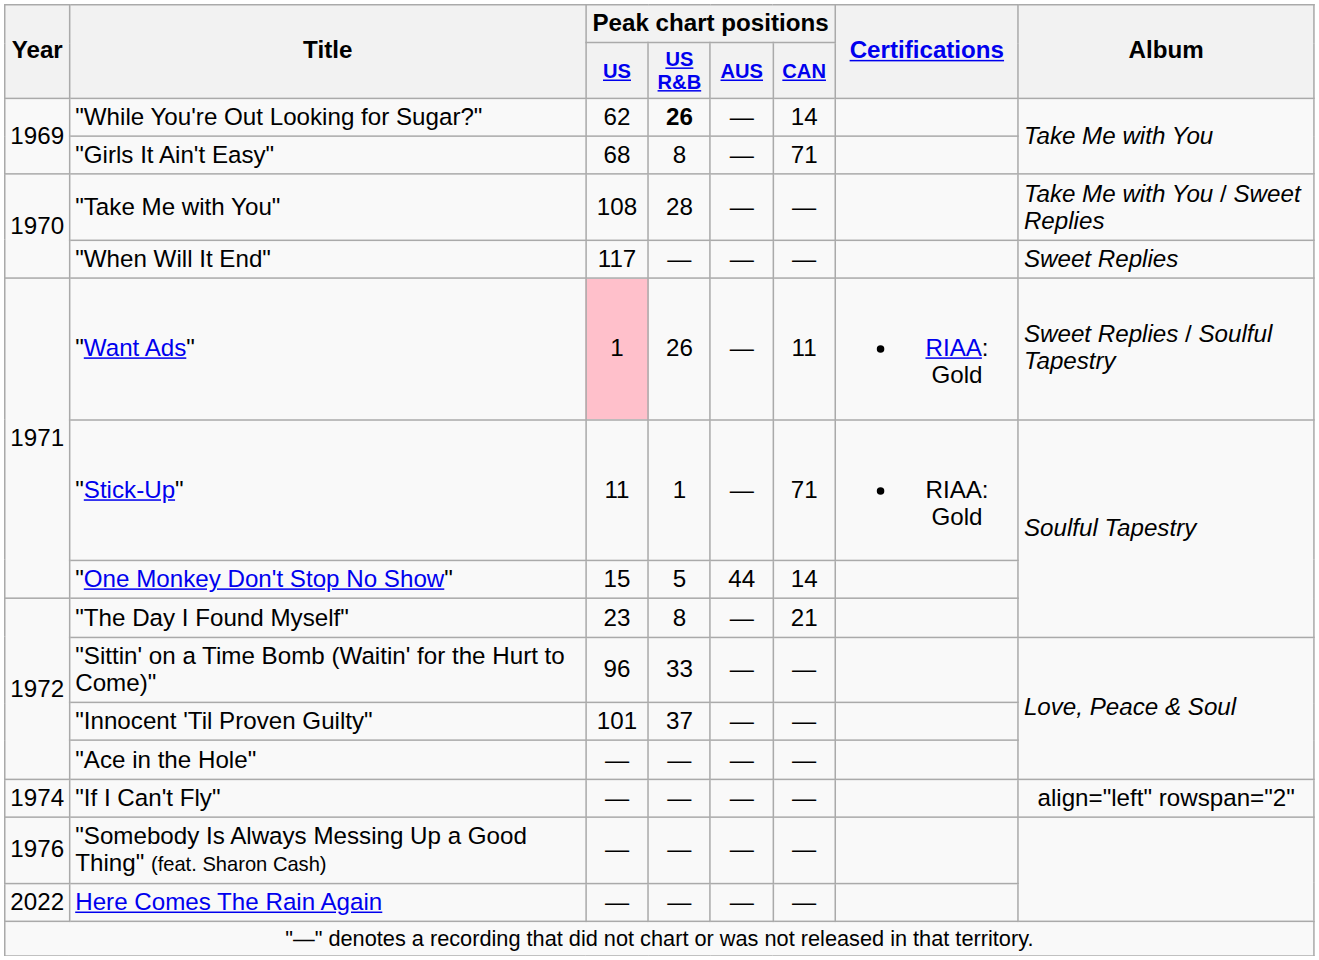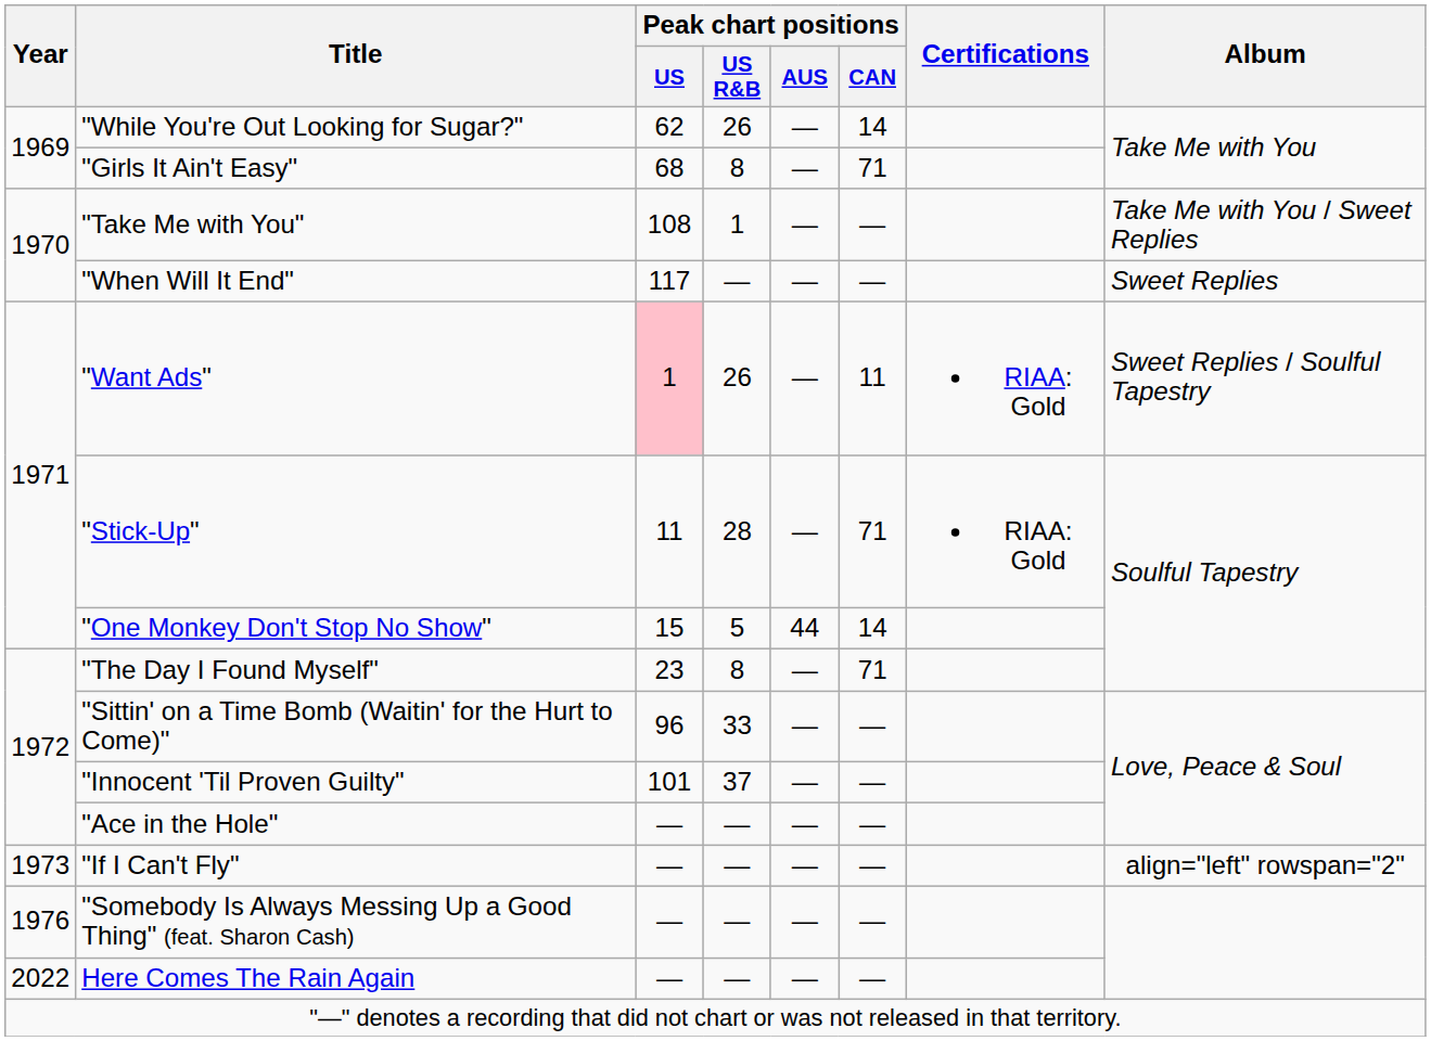 <table class="wikitable" style="text-align:center;">
 <tr>
 <th rowspan="2">Year</th>
 <th rowspan="2">Title</th>
 <th colspan="4">Peak chart positions</th>
 <th rowspan="2"><a href='#'>Certifications</a></th>
 <th rowspan="2">Album</th>
 </tr>
 <tr style="font-size:smaller;">
 <th width="35"><a href='#'>US</a><br></th>
 <th width="35"><a href='#'>US<br>R&B</a><br></th>
 <th width="35"><a href='#'>AUS</a><br></th>
 <th width="35"><a href='#'>CAN</a><br></th>
 </tr>
 <tr>
 <td rowspan="2">1969</td>
 <td align="left">"While You're Out Looking for Sugar?"</td>
 <td>62</td>
-<td><strong>26</strong></td>
+<td>26</td>
 <td>—</td>
 <td>14</td>
 <td></td>
 <td align=left rowspan="2"><em>Take Me with You</em></td>
 </tr>
 <tr>
 <td align="left">"Girls It Ain't Easy"</td>
 <td>68</td>
 <td>8</td>
 <td>—</td>
 <td>71</td>
 <td></td>
 </tr>
 <tr>
 <td rowspan="2">1970</td>
 <td align="left">"Take Me with You"</td>
 <td>108</td>
-<td>28</td>
+<td>1</td>
 <td>—</td>
 <td>—</td>
 <td></td>
 <td align=left rowspan="1"><em>Take Me with You</em> / <em>Sweet Replies</em></td>
 </tr>
 <tr>
 <td align="left">"When Will It End"</td>
 <td>117</td>
 <td>—</td>
 <td>—</td>
 <td>—</td>
 <td></td>
 <td align=left rowspan="1"><em>Sweet Replies</em></td>
 </tr>
 <tr>
 <td rowspan="3">1971</td>
 <td align="left">"<a href='#'>Want Ads</a>"</td>
 <td style="background: pink;">1</td>
 <td>26</td>
 <td>—</td>
 <td>11</td>
 <td><br><ul><li><a href='#'>RIAA</a>: Gold</li></ul></td>
 <td align=left rowspan="1"><em>Sweet Replies</em> / <em>Soulful Tapestry</em></td>
 </tr>
 <tr>
 <td align="left">"<a href='#'>Stick-Up</a>"</td>
 <td>11</td>
-<td>1</td>
+<td>28</td>
 <td>—</td>
 <td>71</td>
 <td><br><ul><li>RIAA: Gold</li></ul></td>
 <td align=left rowspan="3"><em>Soulful Tapestry</em></td>
 </tr>
 <tr>
 <td align="left">"<a href='#'>One Monkey Don't Stop No Show</a>"</td>
 <td>15</td>
 <td>5</td>
 <td>44</td>
 <td>14</td>
 <td></td>
 </tr>
 <tr>
 <td rowspan="4">1972</td>
 <td align="left">"The Day I Found Myself"</td>
 <td>23</td>
 <td>8</td>
 <td>—</td>
-<td>21</td>
+<td>71</td>
 <td></td>
 </tr>
 <tr>
 <td align="left">"Sittin' on a Time Bomb (Waitin' for the Hurt to Come)"</td>
 <td>96</td>
 <td>33</td>
 <td>—</td>
 <td>—</td>
 <td></td>
 <td align=left rowspan="3"><em>Love, Peace & Soul</em></td>
 </tr>
 <tr>
 <td align="left">"Innocent 'Til Proven Guilty"</td>
 <td>101</td>
 <td>37</td>
 <td>—</td>
 <td>—</td>
 <td></td>
 </tr>
 <tr>
 <td align="left">"Ace in the Hole"</td>
 <td>—</td>
 <td>—</td>
 <td>—</td>
 <td>—</td>
 <td></td>
 </tr>
 <tr>
-<td rowspan="1">1974</td>
+<td rowspan="1">1973</td>
 <td align="left">"If I Can't Fly"</td>
 <td>—</td>
 <td>—</td>
 <td>—</td>
 <td>—</td>
 <td></td>
 <td>align="left" rowspan="2" </td>
 </tr>
 <tr>
 <td rowspan="1">1976</td>
 <td align="left">"Somebody Is Always Messing Up a Good Thing" <small>(feat. Sharon Cash)</small></td>
 <td>—</td>
 <td>—</td>
 <td>—</td>
 <td>—</td>
 <td></td>
 </tr>
 <tr>
 <td rowspan="1">2022</td>
 <td align="left"><a href='#'>Here Comes The Rain Again</a></td>
 <td>—</td>
 <td>—</td>
 <td>—</td>
 <td>—</td>
 <td></td>
 </tr>
 <tr>
 <td colspan="15" style="font-size:90%">"—" denotes a recording that did not chart or was not released in that territory.</td>
 </tr>
 </table>
